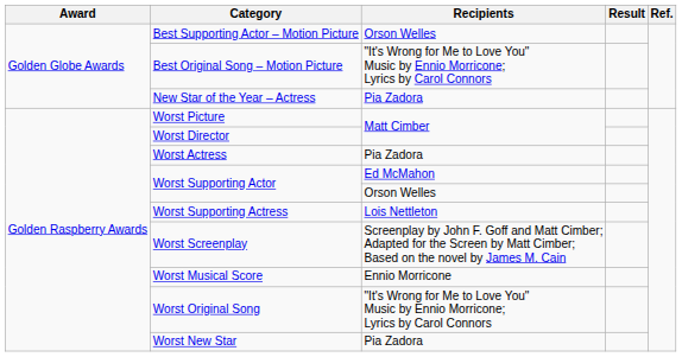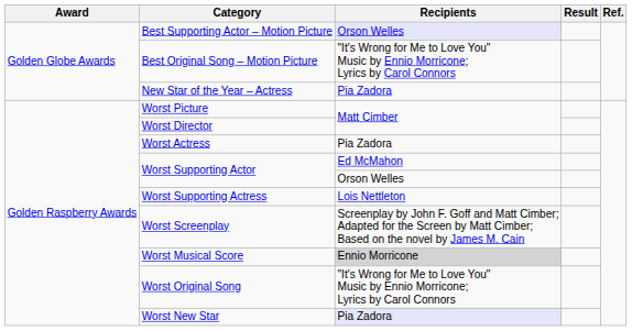 <table class="wikitable">
 <tr>
 <th>Award</th>
 <th>Category</th>
 <th>Recipients</th>
 <th>Result</th>
 <th>Ref.</th>
 </tr>
 <tr>
 <td rowspan="3"><a href='#'>Golden Globe Awards</a></td>
 <td><a href='#'>Best Supporting Actor – Motion Picture</a></td>
-<td><a href='#'>Orson Welles</a></td>
+<td style="background: lavender;"><a href='#'>Orson Welles</a></td>
 <td></td>
 <td rowspan="3" align="center"></td>
 </tr>
 <tr>
 <td><a href='#'>Best Original Song – Motion Picture</a></td>
 <td>"It's Wrong for Me to Love You" <br> Music by <a href='#'>Ennio Morricone</a>; <br> Lyrics by <a href='#'>Carol Connors</a></td>
 <td></td>
 </tr>
 <tr>
 <td><a href='#'>New Star of the Year – Actress</a></td>
 <td><a href='#'>Pia Zadora</a></td>
 <td></td>
 </tr>
 <tr>
 <td rowspan="10"><a href='#'>Golden Raspberry Awards</a></td>
 <td><a href='#'>Worst Picture</a></td>
 <td rowspan="2"><a href='#'>Matt Cimber</a></td>
 <td></td>
 <td rowspan="10" align="center"></td>
 </tr>
 <tr>
 <td><a href='#'>Worst Director</a></td>
 <td></td>
 </tr>
 <tr>
 <td><a href='#'>Worst Actress</a></td>
 <td>Pia Zadora</td>
 <td></td>
 </tr>
 <tr>
 <td rowspan="2"><a href='#'>Worst Supporting Actor</a></td>
 <td><a href='#'>Ed McMahon</a></td>
 <td></td>
 </tr>
 <tr>
 <td>Orson Welles</td>
 <td></td>
 </tr>
 <tr>
 <td><a href='#'>Worst Supporting Actress</a></td>
 <td><a href='#'>Lois Nettleton</a></td>
 <td></td>
 </tr>
 <tr>
 <td><a href='#'>Worst Screenplay</a></td>
 <td>Screenplay by John F. Goff and Matt Cimber; <br> Adapted for the Screen by Matt Cimber; <br> Based on the novel by <a href='#'>James M. Cain</a></td>
 <td></td>
 </tr>
 <tr>
 <td><a href='#'>Worst Musical Score</a></td>
-<td>Ennio Morricone</td>
+<td style="background: lightgrey;">Ennio Morricone</td>
 <td></td>
 </tr>
 <tr>
 <td><a href='#'>Worst Original Song</a></td>
 <td>"It's Wrong for Me to Love You" <br> Music by Ennio Morricone; <br> Lyrics by Carol Connors</td>
 <td></td>
 </tr>
 <tr>
 <td><a href='#'>Worst New Star</a></td>
-<td>Pia Zadora</td>
+<td style="background: lavender;">Pia Zadora</td>
 <td></td>
 </tr>
 </table>
